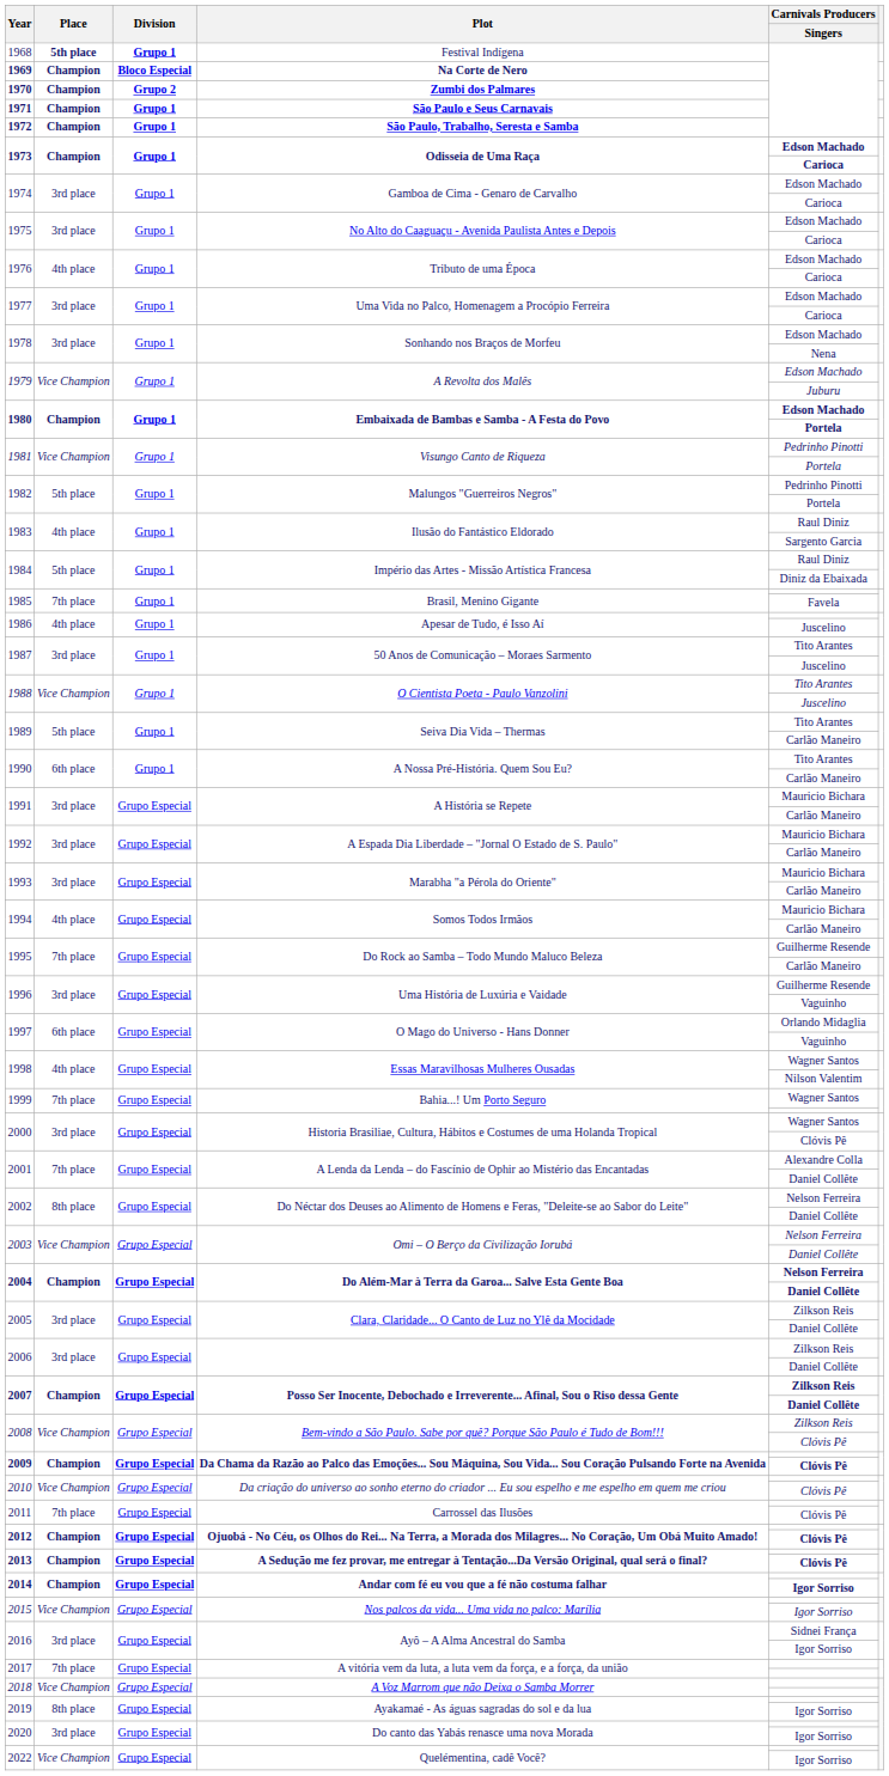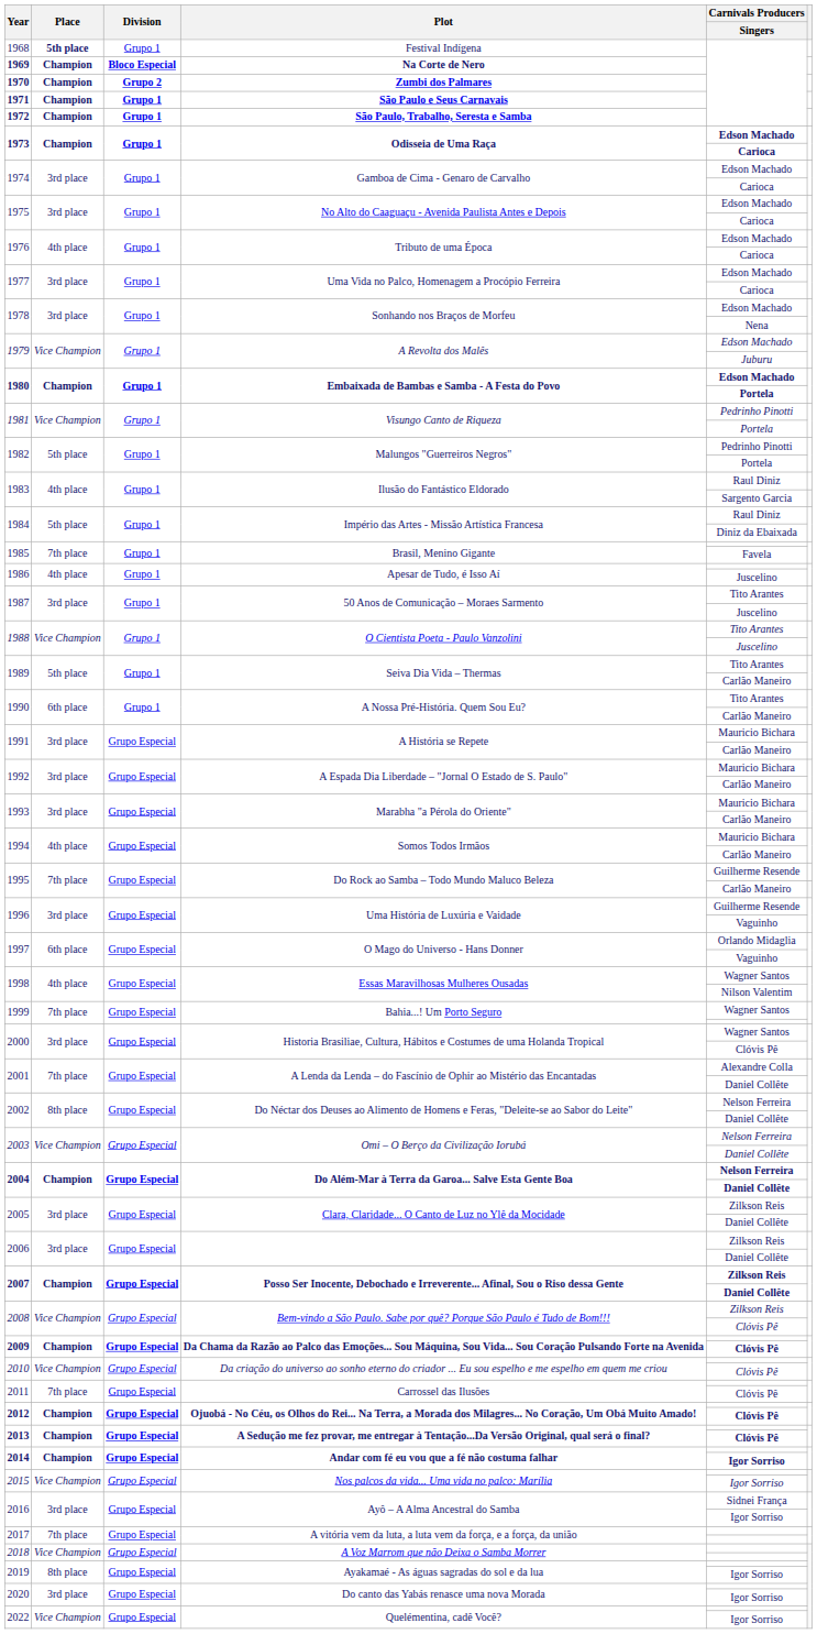 <table class="wikitable sortable" style="text-align:center">
 <tr align="center">
 <th rowspan="2">Year</th>
 <th rowspan="2">Place</th>
 <th rowspan="2">Division</th>
 <th rowspan="2">Plot</th>
 <th>Carnivals Producers</th>
 <th rowspan="2"></th>
 </tr>
 <tr align="center">
 <th>Singers</th>
 </tr>
 <tr style="background-color:white; color:midnightblue; text:align=center">
 <td>1968</td>
 <td><strong>5th place</strong></td>
-<td><strong><a href='#'>Grupo 1</a></strong></td>
+<td><a href='#'>Grupo 1</a></td>
 <td>Festival Indígena</td>
 <td rowspan="5"></td>
 <td></td>
 </tr>
 <tr style="background-color:white; color:midnightblue; text:align=center">
 <td><strong>1969</strong></td>
 <td><strong>Champion</strong></td>
 <td><strong><a href='#'>Bloco Especial</a></strong></td>
 <td><strong>Na Corte de Nero</strong></td>
 <td></td>
 </tr>
 <tr style="background-color:white; color:midnightblue; text:align=center">
 <td><strong>1970</strong></td>
 <td><strong>Champion</strong></td>
 <td><strong><a href='#'>Grupo 2</a></strong></td>
 <td><strong><a href='#'>Zumbi dos Palmares</a></strong></td>
 <td></td>
 </tr>
 <tr style="background-color:white; color:midnightblue; text:align=center">
 <td><strong>1971</strong></td>
 <td><strong>Champion</strong></td>
 <td><strong><a href='#'>Grupo 1</a></strong></td>
 <td><strong><a href='#'>São Paulo e Seus Carnavais</a></strong></td>
 <td></td>
 </tr>
 <tr style="background-color:white; color:midnightblue; text:align=center">
 <td><strong>1972</strong></td>
 <td><strong>Champion</strong></td>
 <td><strong><a href='#'>Grupo 1</a></strong></td>
 <td><strong><a href='#'>São Paulo, Trabalho, Seresta e Samba</a></strong></td>
 <td></td>
 </tr>
 <tr style="background-color:white; color:midnightblue; text:align=center">
 <td rowspan="2"><strong>1973</strong></td>
 <td rowspan="2"><strong>Champion</strong></td>
 <td rowspan="2"><strong><a href='#'>Grupo 1</a></strong></td>
 <td rowspan="2"><strong>Odisseia de Uma Raça</strong></td>
 <td><strong>Edson Machado</strong></td>
 <td rowspan="2"></td>
 </tr>
 <tr style="background-color:white; color:midnightblue; text:align=center">
 <td><strong>Carioca</strong></td>
 </tr>
 <tr style="background-color:white; color:midnightblue; text:align=center">
 <td rowspan="2">1974</td>
 <td rowspan="2">3rd place</td>
 <td rowspan="2"><a href='#'>Grupo 1</a></td>
 <td rowspan="2">Gamboa de Cima - Genaro de Carvalho</td>
 <td>Edson Machado</td>
 <td rowspan="2"></td>
 </tr>
 <tr style="background-color:white; color:midnightblue; text:align=center">
 <td>Carioca</td>
 </tr>
 <tr style="background-color:white; color:midnightblue; text:align=center">
 <td rowspan="2">1975</td>
 <td rowspan="2">3rd place</td>
 <td rowspan="2"><a href='#'>Grupo 1</a></td>
 <td rowspan="2"><a href='#'>No Alto do Caaguaçu - Avenida Paulista Antes e Depois</a></td>
 <td>Edson Machado</td>
 <td rowspan="2"></td>
 </tr>
 <tr style="background-color:white; color:midnightblue; text:align=center">
 <td>Carioca</td>
 </tr>
 <tr style="background-color:white; color:midnightblue; text:align=center">
 <td rowspan="2">1976</td>
 <td rowspan="2">4th place</td>
 <td rowspan="2"><a href='#'>Grupo 1</a></td>
 <td rowspan="2">Tributo de uma Época</td>
 <td>Edson Machado</td>
 <td rowspan="2"></td>
 </tr>
 <tr style="background-color:white; color:midnightblue; text:align=center">
 <td>Carioca</td>
 </tr>
 <tr style="background-color:white; color:midnightblue; text:align=center">
 <td rowspan="2">1977</td>
 <td rowspan="2">3rd place</td>
 <td rowspan="2"><a href='#'>Grupo 1</a></td>
 <td rowspan="2">Uma Vida no Palco, Homenagem a Procópio Ferreira</td>
 <td>Edson Machado</td>
 <td rowspan="2"></td>
 </tr>
 <tr style="background-color:white; color:midnightblue; text:align=center">
 <td>Carioca</td>
 </tr>
 <tr style="background-color:white; color:midnightblue; text:align=center">
 <td rowspan="2">1978</td>
 <td rowspan="2">3rd place</td>
 <td rowspan="2"><a href='#'>Grupo 1</a></td>
 <td rowspan="2">Sonhando nos Braços de Morfeu</td>
 <td>Edson Machado</td>
 <td rowspan="2"></td>
 </tr>
 <tr style="background-color:white; color:midnightblue; text:align=center">
 <td>Nena</td>
 </tr>
 <tr style="background-color:white; color:midnightblue; text:align=center">
 <td rowspan="2"><em>1979</em></td>
 <td rowspan="2"><em>Vice Champion</em></td>
 <td rowspan="2"><em><a href='#'>Grupo 1</a></em></td>
 <td rowspan="2"><em>A Revolta dos Malês</em></td>
 <td><em>Edson Machado</em></td>
 <td rowspan="2"></td>
 </tr>
 <tr style="background-color:white; color:midnightblue; text:align=center">
 <td><em>Juburu</em></td>
 </tr>
 <tr style="background-color:white; color:midnightblue; text:align=center">
 <td rowspan="2"><strong>1980</strong></td>
 <td rowspan="2"><strong>Champion</strong></td>
 <td rowspan="2"><strong><a href='#'>Grupo 1</a></strong></td>
 <td rowspan="2"><strong>Embaixada de Bambas e Samba - A Festa do Povo</strong></td>
 <td><strong>Edson Machado</strong></td>
 <td rowspan="2"></td>
 </tr>
 <tr style="background-color:white; color:midnightblue; text:align=center">
 <td><strong>Portela</strong></td>
 </tr>
 <tr style="background-color:white; color:midnightblue; text:align=center">
 <td rowspan="2"><em>1981</em></td>
 <td rowspan="2"><em>Vice Champion</em></td>
 <td rowspan="2"><em><a href='#'>Grupo 1</a></em></td>
 <td rowspan="2"><em>Visungo Canto de Riqueza</em></td>
 <td><em>Pedrinho Pinotti</em></td>
 <td rowspan="2"></td>
 </tr>
 <tr style="background-color:white; color:midnightblue; text:align=center">
 <td><em>Portela</em></td>
 </tr>
 <tr style="background-color:white; color:midnightblue; text:align=center">
 <td rowspan="2">1982</td>
 <td rowspan="2">5th place</td>
 <td rowspan="2"><a href='#'>Grupo 1</a></td>
 <td rowspan="2">Malungos "Guerreiros Negros"</td>
 <td>Pedrinho Pinotti</td>
 <td rowspan="2"></td>
 </tr>
 <tr style="background-color:white; color:midnightblue; text:align=center">
 <td>Portela</td>
 </tr>
 <tr style="background-color:white; color:midnightblue; text:align=center">
 <td rowspan="2">1983</td>
 <td rowspan="2">4th place</td>
 <td rowspan="2"><a href='#'>Grupo 1</a></td>
 <td rowspan="2">Ilusão do Fantástico Eldorado</td>
 <td>Raul Diniz</td>
 <td></td>
 </tr>
 <tr style="background-color:white; color:midnightblue; text:align=center">
 <td>Sargento Garcia</td>
 </tr>
 <tr style="background-color:white; color:midnightblue; text:align=center">
 <td rowspan="2">1984</td>
 <td rowspan="2">5th place</td>
 <td rowspan="2"><a href='#'>Grupo 1</a></td>
 <td rowspan="2">Império das Artes - Missão Artística Francesa</td>
 <td>Raul Diniz</td>
 <td rowspan="2"></td>
 </tr>
 <tr style="background-color:white; color:midnightblue; text:align=center">
 <td>Diniz da Ebaixada</td>
 </tr>
 <tr style="background-color:white; color:midnightblue; text:align=center">
 <td rowspan="2">1985</td>
 <td rowspan="2">7th place</td>
 <td rowspan="2"><a href='#'>Grupo 1</a></td>
 <td rowspan="2">Brasil, Menino Gigante</td>
 <td></td>
 <td rowspan="2"></td>
 </tr>
 <tr style="background-color:white; color:midnightblue; text:align=center">
 <td>Favela</td>
 </tr>
 <tr style="background-color:white; color:midnightblue; text:align=center">
 <td rowspan="2">1986</td>
 <td rowspan="2">4th place</td>
 <td rowspan="2"><a href='#'>Grupo 1</a></td>
 <td rowspan="2">Apesar de Tudo, é Isso Aí</td>
 <td></td>
 <td rowspan="2"></td>
 </tr>
 <tr style="background-color:white; color:midnightblue; text:align=center">
 <td>Juscelino</td>
 </tr>
 <tr style="background-color:white; color:midnightblue; text:align=center">
 <td rowspan="2">1987</td>
 <td rowspan="2">3rd place</td>
 <td rowspan="2"><a href='#'>Grupo 1</a></td>
 <td rowspan="2">50 Anos de Comunicação – Moraes Sarmento</td>
 <td>Tito Arantes</td>
 <td rowspan="2"></td>
 </tr>
 <tr style="background-color:white; color:midnightblue; text:align=center">
 <td>Juscelino</td>
 </tr>
 <tr style="background-color:white; color:midnightblue; text:align=center">
 <td rowspan="2"><em>1988</em></td>
 <td rowspan="2"><em>Vice Champion</em></td>
 <td rowspan="2"><em><a href='#'>Grupo 1</a></em></td>
 <td rowspan="2"><em><a href='#'>O Cientista Poeta - Paulo Vanzolini</a></em></td>
 <td><em>Tito Arantes</em></td>
 <td rowspan="2"></td>
 </tr>
 <tr style="background-color:white; color:midnightblue; text:align=center">
 <td><em>Juscelino</em></td>
 </tr>
 <tr style="background-color:white; color:midnightblue; text:align=center">
 <td rowspan="2">1989</td>
 <td rowspan="2">5th place</td>
 <td rowspan="2"><a href='#'>Grupo 1</a></td>
 <td rowspan="2">Seiva Dia Vida – Thermas</td>
 <td>Tito Arantes</td>
 <td rowspan="2"></td>
 </tr>
 <tr style="background-color:white; color:midnightblue; text:align=center">
 <td>Carlão Maneiro</td>
 </tr>
 <tr style="background-color:white; color:midnightblue; text:align=center">
 <td rowspan="2">1990</td>
 <td rowspan="2">6th place</td>
 <td rowspan="2"><a href='#'>Grupo 1</a></td>
 <td rowspan="2">A Nossa Pré-História. Quem Sou Eu?</td>
 <td>Tito Arantes</td>
 <td rowspan="2"></td>
 </tr>
 <tr style="background-color:white; color:midnightblue; text:align=center">
 <td>Carlão Maneiro</td>
 </tr>
 <tr style="background-color:white; color:midnightblue; text:align=center">
 <td rowspan="2">1991</td>
 <td rowspan="2">3rd place</td>
 <td rowspan="2"><a href='#'>Grupo Especial</a></td>
 <td rowspan="2">A História se Repete</td>
 <td>Mauricio Bichara</td>
 <td rowspan="2"></td>
 </tr>
 <tr style="background-color:white; color:midnightblue; text:align=center">
 <td>Carlão Maneiro</td>
 </tr>
 <tr style="background-color:white; color:midnightblue; text:align=center">
 <td rowspan="2">1992</td>
 <td rowspan="2">3rd place</td>
 <td rowspan="2"><a href='#'>Grupo Especial</a></td>
 <td rowspan="2">A Espada Dia Liberdade – "Jornal O Estado de S. Paulo"</td>
 <td>Mauricio Bichara</td>
 <td rowspan="2"></td>
 </tr>
 <tr style="background-color:white; color:midnightblue; text:align=center">
 <td>Carlão Maneiro</td>
 </tr>
 <tr style="background-color:white; color:midnightblue; text:align=center">
 <td rowspan="2">1993</td>
 <td rowspan="2">3rd place</td>
 <td rowspan="2"><a href='#'>Grupo Especial</a></td>
 <td rowspan="2">Marabha "a Pérola do Oriente"</td>
 <td>Mauricio Bichara</td>
 <td rowspan="2"></td>
 </tr>
 <tr style="background-color:white; color:midnightblue; text:align=center">
 <td>Carlão Maneiro</td>
 </tr>
 <tr style="background-color:white; color:midnightblue; text:align=center">
 <td rowspan="2">1994</td>
 <td rowspan="2">4th place</td>
 <td rowspan="2"><a href='#'>Grupo Especial</a></td>
 <td rowspan="2">Somos Todos Irmãos</td>
 <td>Mauricio Bichara</td>
 <td rowspan="2"></td>
 </tr>
 <tr style="background-color:white; color:midnightblue; text:align=center">
 <td>Carlão Maneiro</td>
 </tr>
 <tr style="background-color:white; color:midnightblue; text:align=center">
 <td rowspan="2">1995</td>
 <td rowspan="2">7th place</td>
 <td rowspan="2"><a href='#'>Grupo Especial</a></td>
 <td rowspan="2">Do Rock ao Samba – Todo Mundo Maluco Beleza</td>
 <td>Guilherme Resende</td>
 <td></td>
 </tr>
 <tr style="background-color:white; color:midnightblue; text:align=center">
 <td>Carlão Maneiro</td>
 </tr>
 <tr style="background-color:white; color:midnightblue; text:align=center">
 <td rowspan="2">1996</td>
 <td rowspan="2">3rd place</td>
 <td rowspan="2"><a href='#'>Grupo Especial</a></td>
 <td rowspan="2">Uma História de Luxúria e Vaidade</td>
 <td>Guilherme Resende</td>
 <td rowspan="2"></td>
 </tr>
 <tr style="background-color:white; color:midnightblue; text:align=center">
 <td>Vaguinho</td>
 </tr>
 <tr style="background-color:white; color:midnightblue; text:align=center">
 <td rowspan="2">1997</td>
 <td rowspan="2">6th place</td>
 <td rowspan="2"><a href='#'>Grupo Especial</a></td>
 <td rowspan="2">O Mago do Universo - Hans Donner</td>
 <td>Orlando Midaglia</td>
 <td rowspan="2"></td>
 </tr>
 <tr style="background-color:white; color:midnightblue; text:align=center">
 <td>Vaguinho</td>
 </tr>
 <tr style="background-color:white; color:midnightblue; text:align=center">
 <td rowspan="2">1998</td>
 <td rowspan="2">4th place</td>
 <td rowspan="2"><a href='#'>Grupo Especial</a></td>
 <td rowspan="2"><a href='#'>Essas Maravilhosas Mulheres Ousadas</a></td>
 <td>Wagner Santos</td>
 <td rowspan="2"></td>
 </tr>
 <tr style="background-color:white; color:midnightblue; text:align=center">
 <td>Nilson Valentim</td>
 </tr>
 <tr style="background-color:white; color:midnightblue; text:align=center">
 <td rowspan="2">1999</td>
 <td rowspan="2">7th place</td>
 <td rowspan="2"><a href='#'>Grupo Especial</a></td>
 <td rowspan="2">Bahia...! Um <a href='#'>Porto Seguro</a></td>
 <td>Wagner Santos</td>
 <td rowspan="2"></td>
 </tr>
 <tr style="background-color:white; color:midnightblue; text:align=center">
 <td></td>
 </tr>
 <tr style="background-color:white; color:midnightblue; text:align=center">
 <td rowspan="2">2000</td>
 <td rowspan="2">3rd place</td>
 <td rowspan="2"><a href='#'>Grupo Especial</a></td>
 <td rowspan="2">Historia Brasiliae, Cultura, Hábitos e Costumes de uma Holanda Tropical</td>
 <td>Wagner Santos</td>
 <td rowspan="2"></td>
 </tr>
 <tr style="background-color:white; color:midnightblue; text:align=center">
 <td>Clóvis Pê</td>
 </tr>
 <tr style="background-color:white; color:midnightblue; text:align=center">
 <td rowspan="2">2001</td>
 <td rowspan="2">7th place</td>
 <td rowspan="2"><a href='#'>Grupo Especial</a></td>
 <td rowspan="2">A Lenda da Lenda – do Fascínio de Ophir ao Mistério das Encantadas</td>
 <td>Alexandre Colla</td>
 <td rowspan="2"></td>
 </tr>
 <tr style="background-color:white; color:midnightblue; text:align=center">
 <td>Daniel Collête</td>
 </tr>
 <tr style="background-color:white; color:midnightblue; text:align=center">
 <td rowspan="2">2002</td>
 <td rowspan="2">8th place</td>
 <td rowspan="2"><a href='#'>Grupo Especial</a></td>
 <td rowspan="2">Do Néctar dos Deuses ao Alimento de Homens e Feras, "Deleite-se ao Sabor do Leite"</td>
 <td>Nelson Ferreira</td>
 <td rowspan="2"></td>
 </tr>
 <tr style="background-color:white; color:midnightblue; text:align=center">
 <td>Daniel Collête</td>
 </tr>
 <tr style="background-color:white; color:midnightblue; text:align=center">
 <td rowspan="2"><em>2003</em></td>
 <td rowspan="2"><em>Vice Champion</em></td>
 <td rowspan="2"><em><a href='#'>Grupo Especial</a></em></td>
 <td rowspan="2"><em>Omi – O Berço da Civilização Iorubá</em></td>
 <td><em>Nelson Ferreira</em></td>
 <td rowspan="2"></td>
 </tr>
 <tr style="background-color:white; color:midnightblue; text:align=center">
 <td><em>Daniel Collête</em></td>
 </tr>
 <tr style="background-color:white; color:midnightblue; text:align=center">
 <td rowspan="2"><strong>2004</strong></td>
 <td rowspan="2"><strong>Champion</strong></td>
 <td rowspan="2"><strong><a href='#'>Grupo Especial</a></strong></td>
 <td rowspan="2"><strong>Do Além-Mar à Terra da Garoa... Salve Esta Gente Boa</strong></td>
 <td><strong>Nelson Ferreira</strong></td>
 <td rowspan="2"></td>
 </tr>
 <tr style="background-color:white; color:midnightblue; text:align=center">
 <td><strong>Daniel Collête</strong></td>
 </tr>
 <tr style="background-color:white; color:midnightblue; text:align=center">
 <td rowspan="2">2005</td>
 <td rowspan="2">3rd place</td>
 <td rowspan="2"><a href='#'>Grupo Especial</a></td>
 <td rowspan="2"><a href='#'>Clara, Claridade... O Canto de Luz no Ylê da Mocidade</a></td>
 <td>Zilkson Reis</td>
 <td rowspan="2"></td>
 </tr>
 <tr style="background-color:white; color:midnightblue; text:align=center">
 <td>Daniel Collête</td>
 </tr>
 <tr style="background-color:white; color:midnightblue; text:align=center">
 <td rowspan="2">2006</td>
 <td rowspan="2">3rd place</td>
 <td rowspan="2"><a href='#'>Grupo Especial</a></td>
 <td rowspan="2"><a href='#'></a></td>
 <td>Zilkson Reis</td>
 <td rowspan="2"></td>
 </tr>
 <tr style="background-color:white; color:midnightblue; text:align=center">
 <td>Daniel Collête</td>
 </tr>
 <tr style="background-color:white; color:midnightblue; text:align=center">
 <td rowspan="2"><strong>2007</strong></td>
 <td rowspan="2"><strong>Champion</strong></td>
 <td rowspan="2"><strong><a href='#'>Grupo Especial</a></strong></td>
 <td rowspan="2"><strong>Posso Ser Inocente, Debochado e Irreverente... Afinal, Sou o Riso dessa Gente</strong></td>
 <td><strong>Zilkson Reis</strong></td>
 <td rowspan="2"></td>
 </tr>
 <tr style="background-color:white; color:midnightblue; text:align=center">
 <td><strong>Daniel Collête</strong></td>
 </tr>
 <tr style="background-color:white; color:midnightblue; text:align=center">
 <td rowspan="2"><em>2008</em></td>
 <td rowspan="2"><em>Vice Champion</em></td>
 <td rowspan="2"><em><a href='#'>Grupo Especial</a></em></td>
 <td rowspan="2"><em><a href='#'>Bem-vindo a São Paulo. Sabe por quê? Porque São Paulo é Tudo de Bom!!!</a></em></td>
 <td><em>Zilkson Reis</em></td>
 <td rowspan="2"></td>
 </tr>
 <tr style="background-color:white; color:midnightblue; text:align=center">
 <td><em>Clóvis Pê</em></td>
 </tr>
 <tr style="background-color:white; color:midnightblue; text:align=center">
 <td rowspan="2"><strong>2009</strong></td>
 <td rowspan="2"><strong>Champion</strong></td>
 <td rowspan="2"><strong><a href='#'>Grupo Especial</a></strong></td>
 <td rowspan="2"><strong>Da Chama da Razão ao Palco das Emoções... Sou Máquina, Sou Vida... Sou Coração Pulsando Forte na Avenida</strong></td>
 <td><strong></strong></td>
 <td rowspan="2"></td>
 </tr>
 <tr style="background-color:white; color:midnightblue; text:align=center">
 <td><strong>Clóvis Pê</strong></td>
 </tr>
 <tr style="background-color:white; color:midnightblue; text:align=center">
 <td rowspan="2"><em>2010</em></td>
 <td rowspan="2"><em>Vice Champion</em></td>
 <td rowspan="2"><em><a href='#'>Grupo Especial</a></em></td>
 <td rowspan="2"><em>Da criação do universo ao sonho eterno do criador ... Eu sou espelho e me espelho em quem me criou</em></td>
 <td><em></em></td>
 <td rowspan="2"></td>
 </tr>
 <tr style="background-color:white; color:midnightblue; text:align=center">
 <td><em>Clóvis Pê</em></td>
 </tr>
 <tr style="background-color:white; color:midnightblue; text:align=center">
 <td rowspan="2">2011</td>
 <td rowspan="2">7th place</td>
 <td rowspan="2"><a href='#'>Grupo Especial</a></td>
 <td rowspan="2">Carrossel das Ilusões</td>
 <td></td>
 <td rowspan="2"></td>
 </tr>
 <tr style="background-color:white; color:midnightblue; text:align=center">
 <td>Clóvis Pê</td>
 </tr>
 <tr style="background-color:white; color:midnightblue; text:align=center">
 <td rowspan="2"><strong>2012</strong></td>
 <td rowspan="2"><strong>Champion</strong></td>
 <td rowspan="2"><strong><a href='#'>Grupo Especial</a></strong></td>
 <td rowspan="2"><strong>Ojuobá - No Céu, os Olhos do Rei... Na Terra, a Morada dos Milagres... No Coração, Um Obá Muito Amado!</strong></td>
 <td><strong></strong></td>
 <td rowspan="2"></td>
 </tr>
 <tr style="background-color:white; color:midnightblue; text:align=center">
 <td><strong>Clóvis Pê</strong></td>
 </tr>
 <tr style="background-color:white; color:midnightblue; text:align=center">
 <td rowspan="2"><strong>2013</strong></td>
 <td rowspan="2"><strong>Champion</strong></td>
 <td rowspan="2"><strong><a href='#'>Grupo Especial</a></strong></td>
 <td rowspan="2"><strong>A Sedução me fez provar, me entregar à Tentação...Da Versão Original, qual será o final?</strong></td>
 <td><strong></strong></td>
 <td rowspan="2"></td>
 </tr>
 <tr style="background-color:white; color:midnightblue; text:align=center">
 <td><strong>Clóvis Pê</strong></td>
 </tr>
 <tr style="background-color:white; color:midnightblue; text:align=center">
 <td rowspan="2"><strong>2014</strong></td>
 <td rowspan="2"><strong>Champion</strong></td>
 <td rowspan="2"><strong><a href='#'>Grupo Especial</a></strong></td>
 <td rowspan="2"><strong>Andar com fé eu vou que a fé não costuma falhar</strong></td>
 <td><strong></strong></td>
 <td rowspan="2"></td>
 </tr>
 <tr style="background-color:white; color:midnightblue; text:align=center">
 <td><strong>Igor Sorriso</strong></td>
 </tr>
 <tr style="background-color:white; color:midnightblue; text:align=center">
 <td rowspan="2"><em>2015</em></td>
 <td rowspan="2"><em>Vice Champion</em></td>
 <td rowspan="2"><em><a href='#'>Grupo Especial</a></em></td>
 <td rowspan="2"><em><a href='#'>Nos palcos da vida... Uma vida no palco: Marília</a></em></td>
 <td><em></em></td>
 </tr>
 <tr style="background-color:white; color:midnightblue; text:align=center">
 <td><em>Igor Sorriso</em></td>
 </tr>
 <tr style="background-color:white; color:midnightblue; text:align=center">
 <td rowspan="2">2016</td>
 <td rowspan="2">3rd place</td>
 <td rowspan="2"><a href='#'>Grupo Especial</a></td>
 <td rowspan="2">Ayô – A Alma Ancestral do Samba</td>
 <td>Sidnei França</td>
 <td rowspan="2"></td>
 </tr>
 <tr style="background-color:white; color:midnightblue; text:align=center">
 <td>Igor Sorriso</td>
 </tr>
 <tr style="background-color:white; color:midnightblue; text:align=center">
 <td rowspan="2">2017</td>
 <td rowspan="2">7th place</td>
 <td rowspan="2"><a href='#'>Grupo Especial</a></td>
 <td rowspan="2">A vitória vem da luta, a luta vem da força, e a força, da união</td>
 <td></td>
 <td rowspan="2"></td>
 </tr>
 <tr style="background-color:white; color:midnightblue; text:align=center">
 <td></td>
 </tr>
 <tr style="background-color:white; color:midnightblue; text:align=center">
 <td rowspan="2"><em>2018</em></td>
 <td rowspan="2"><em>Vice Champion</em></td>
 <td rowspan="2"><em><a href='#'>Grupo Especial</a></em></td>
 <td rowspan="2"><em><a href='#'>A Voz Marrom que não Deixa o Samba Morrer</a></em></td>
 <td><em></em></td>
 </tr>
 <tr style="background-color:white; color:midnightblue; text:align=center">
 <td><em></em></td>
 </tr>
 <tr style="background-color:white; color:midnightblue; text:align=center">
 <td rowspan="2">2019</td>
 <td rowspan="2">8th place</td>
 <td rowspan="2"><a href='#'>Grupo Especial</a></td>
 <td rowspan="2">Ayakamaé - As águas sagradas do sol e da lua</td>
 <td></td>
 </tr>
 <tr style="background-color:white; color:midnightblue; text:align=center">
 <td>Igor Sorriso</td>
 </tr>
 <tr style="background-color:white; color:midnightblue; text:align=center">
 <td rowspan="2">2020</td>
 <td rowspan="2">3rd place</td>
 <td rowspan="2"><a href='#'>Grupo Especial</a></td>
 <td rowspan="2">Do canto das Yabás renasce uma nova Morada</td>
 <td></td>
 </tr>
 <tr style="background-color:white; color:midnightblue; text:align=center">
 <td>Igor Sorriso</td>
 </tr>
 <tr style="background-color:white; color:midnightblue; text:align=center">
 <td rowspan="2">2022</td>
 <td rowspan="2"><em>Vice Champion</em></td>
 <td rowspan="2"><a href='#'>Grupo Especial</a></td>
 <td rowspan="2">Quelémentina, cadê Você?</td>
 <td></td>
 </tr>
 <tr style="background-color:white; color:midnightblue; text:align=center">
 <td>Igor Sorriso</td>
 </tr>
 </table>
